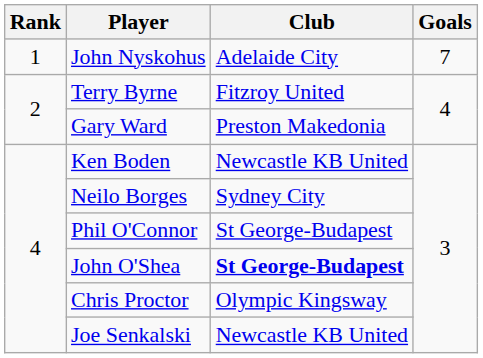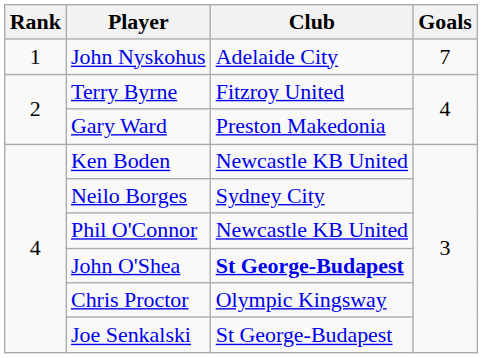 <table class="wikitable" style="text-align:center">
 <tr>
 <th>Rank</th>
 <th>Player</th>
 <th>Club</th>
 <th>Goals</th>
 </tr>
 <tr>
 <td>1</td>
 <td align="left"> <a href='#'>John Nyskohus</a></td>
 <td align="left"><a href='#'>Adelaide City</a></td>
 <td>7</td>
 </tr>
 <tr>
 <td rowspan="2">2</td>
 <td align="left"> <a href='#'>Terry Byrne</a></td>
 <td align="left"><a href='#'>Fitzroy United</a></td>
 <td rowspan="2">4</td>
 </tr>
 <tr>
 <td align="left"> <a href='#'>Gary Ward</a></td>
 <td align="left"><a href='#'>Preston Makedonia</a></td>
 </tr>
 <tr>
 <td rowspan="6">4</td>
 <td align="left"> <a href='#'>Ken Boden</a></td>
 <td align="left"><a href='#'>Newcastle KB United</a></td>
 <td rowspan="6">3</td>
 </tr>
 <tr>
 <td align="left"> <a href='#'>Neilo Borges</a></td>
 <td align="left"><a href='#'>Sydney City</a></td>
 </tr>
 <tr>
 <td align="left"> <a href='#'>Phil O'Connor</a></td>
-<td align="left"><a href='#'>St George-Budapest</a></td>
+<td align="left"><a href='#'>Newcastle KB United</a></td>
 </tr>
 <tr>
 <td align="left"> <a href='#'>John O'Shea</a></td>
 <td align="left"><strong><a href='#'>St George-Budapest</a></strong></td>
 </tr>
 <tr>
 <td align="left"> <a href='#'>Chris Proctor</a></td>
 <td align="left"><a href='#'>Olympic Kingsway</a></td>
 </tr>
 <tr>
 <td align="left"> <a href='#'>Joe Senkalski</a></td>
-<td align="left"><a href='#'>Newcastle KB United</a></td>
+<td align="left"><a href='#'>St George-Budapest</a></td>
 </tr>
 </table>
